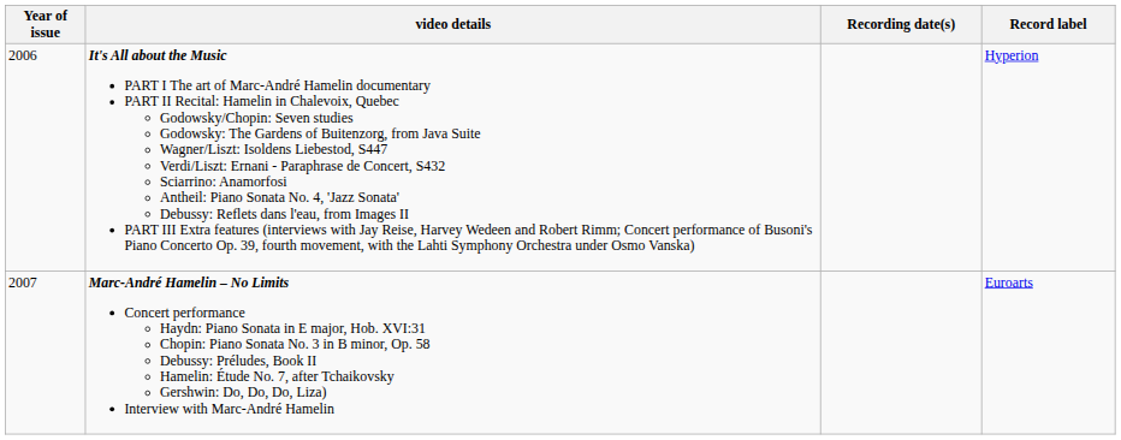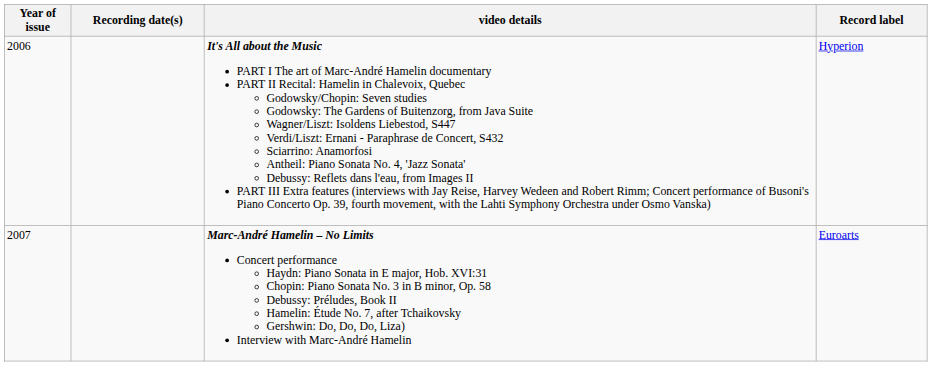 <table class="wikitable sortable">
 <tr>
 <th style="width:6%;">Year of issue</th>
+<th style="width:12%;">Recording date(s)</th>
 <th style="width:55%;">video details</th>
-<th style="width:12%;">Recording date(s)</th>
 <th style="width:10%;">Record label</th>
 </tr>
 <tr valign="top">
 <td>2006</td>
+<td></td>
 <td><strong><em>It's All about the Music</em></strong><br><ul><li>PART I The art of Marc-André Hamelin documentary</li><li>PART II Recital: Hamelin in Chalevoix, Quebec<ul><li>Godowsky/Chopin: Seven studies</li><li>Godowsky: The Gardens of Buitenzorg, from Java Suite</li><li>Wagner/Liszt: Isoldens Liebestod, S447</li><li>Verdi/Liszt: Ernani - Paraphrase de Concert, S432</li><li>Sciarrino: Anamorfosi</li><li>Antheil: Piano Sonata No. 4, 'Jazz Sonata'</li><li>Debussy: Reflets dans l'eau, from Images II</li></ul></li><li>PART III Extra features (interviews with Jay Reise, Harvey Wedeen and Robert Rimm; Concert performance of Busoni's Piano Concerto Op. 39, fourth movement, with the Lahti Symphony Orchestra under Osmo Vanska)</li></ul></td>
-<td></td>
 <td><a href='#'>Hyperion</a></td>
 </tr>
 <tr valign="top">
 <td>2007</td>
+<td></td>
 <td><strong><em>Marc-André Hamelin – No Limits</em></strong><br><ul><li>Concert performance<ul><li>Haydn: Piano Sonata in E major, Hob. XVI:31</li><li>Chopin: Piano Sonata No. 3 in B minor, Op. 58</li><li>Debussy: Préludes, Book II</li><li>Hamelin: Étude No. 7, after Tchaikovsky</li><li>Gershwin: Do, Do, Do, Liza)</li></ul></li><li>Interview with Marc-André Hamelin</li></ul></td>
-<td></td>
 <td><a href='#'>Euroarts</a></td>
 </tr>
 </table>
